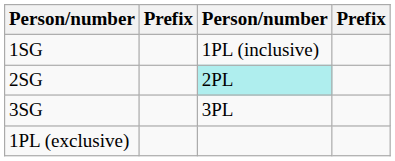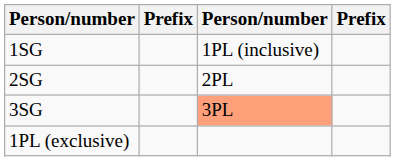 <table class="wikitable">
 <tr>
 <th>Person/number</th>
 <th>Prefix</th>
 <th>Person/number</th>
 <th>Prefix</th>
 </tr>
 <tr>
 <td>1SG</td>
 <td></td>
 <td>1PL (inclusive)</td>
 <td></td>
 </tr>
 <tr>
 <td>2SG</td>
 <td></td>
-<td style="background: paleturquoise;">2PL</td>
+<td>2PL</td>
 <td></td>
 </tr>
 <tr>
 <td>3SG</td>
 <td></td>
-<td>3PL</td>
+<td style="background: lightsalmon;">3PL</td>
 <td></td>
 </tr>
 <tr>
 <td>1PL (exclusive)</td>
 <td></td>
 <td></td>
 <td></td>
 </tr>
 </table>
